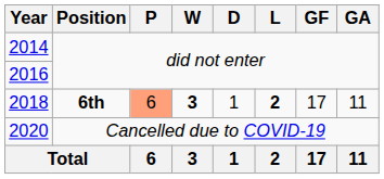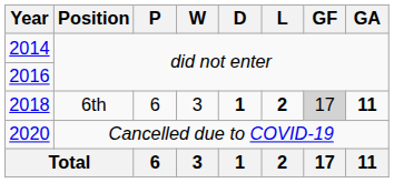 <table class="wikitable" style="text-align: center;">
 <tr>
 <th>Year</th>
 <th>Position</th>
 <th width=30>P</th>
 <th width=30>W</th>
 <th width=30>D</th>
 <th width=30>L</th>
 <th width=30>GF</th>
 <th width=30>GA</th>
 </tr>
 <tr>
 <td> <a href='#'>2014</a></td>
 <td colspan=7 rowspan=2><em>did not enter</em></td>
 </tr>
 <tr>
 <td> <a href='#'>2016</a></td>
 </tr>
 <tr>
 <td> <a href='#'>2018</a></td>
-<td><strong>6th</strong></td>
-<td style="background: lightsalmon;">6</td>
-<td><strong>3</strong></td>
-<td>1</td>
+<td>6th</td>
+<td>6</td>
+<td>3</td>
+<td><strong>1</strong></td>
 <td><strong>2</strong></td>
-<td>17</td>
-<td>11</td>
+<td style="background: lightgrey;">17</td>
+<td><strong>11</strong></td>
 </tr>
 <tr>
 <td> <a href='#'>2020</a></td>
 <td colspan=7><em>Cancelled due to <a href='#'>COVID-19</a></em></td>
 </tr>
 <tr>
 <th colspan=2>Total</th>
 <th>6</th>
 <th>3</th>
 <th>1</th>
 <th>2</th>
 <th>17</th>
 <th>11</th>
 </tr>
 </table>
